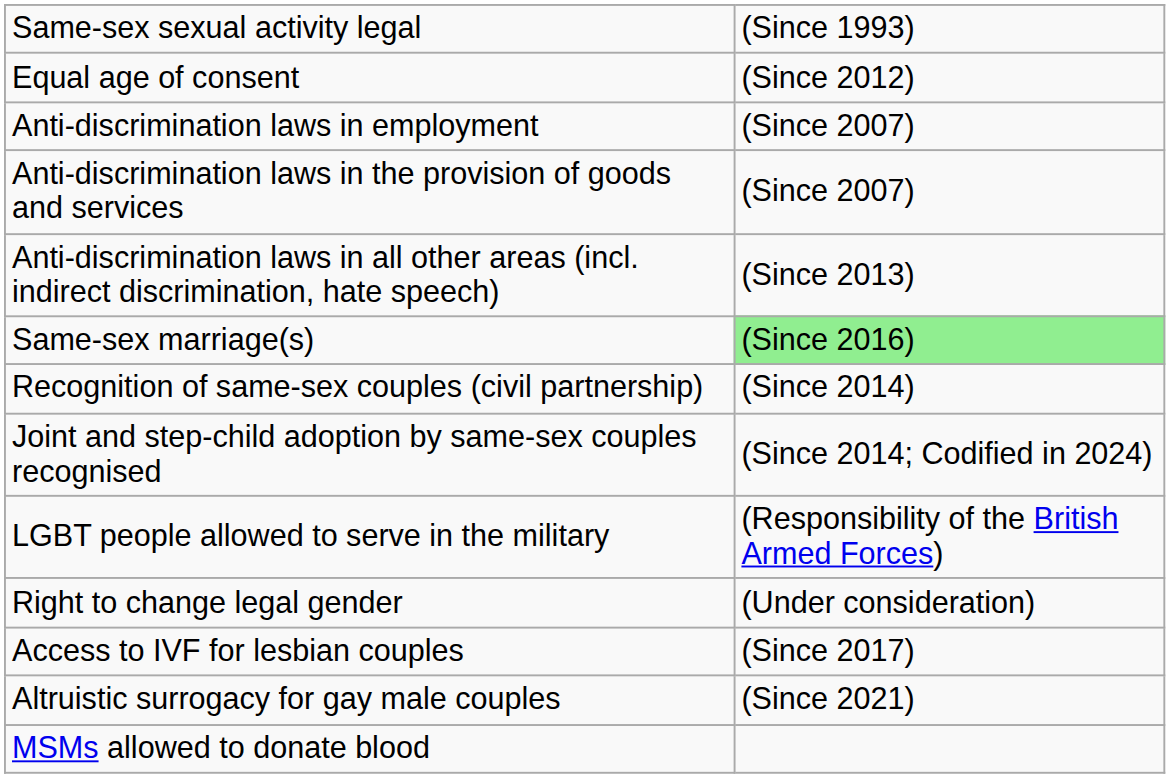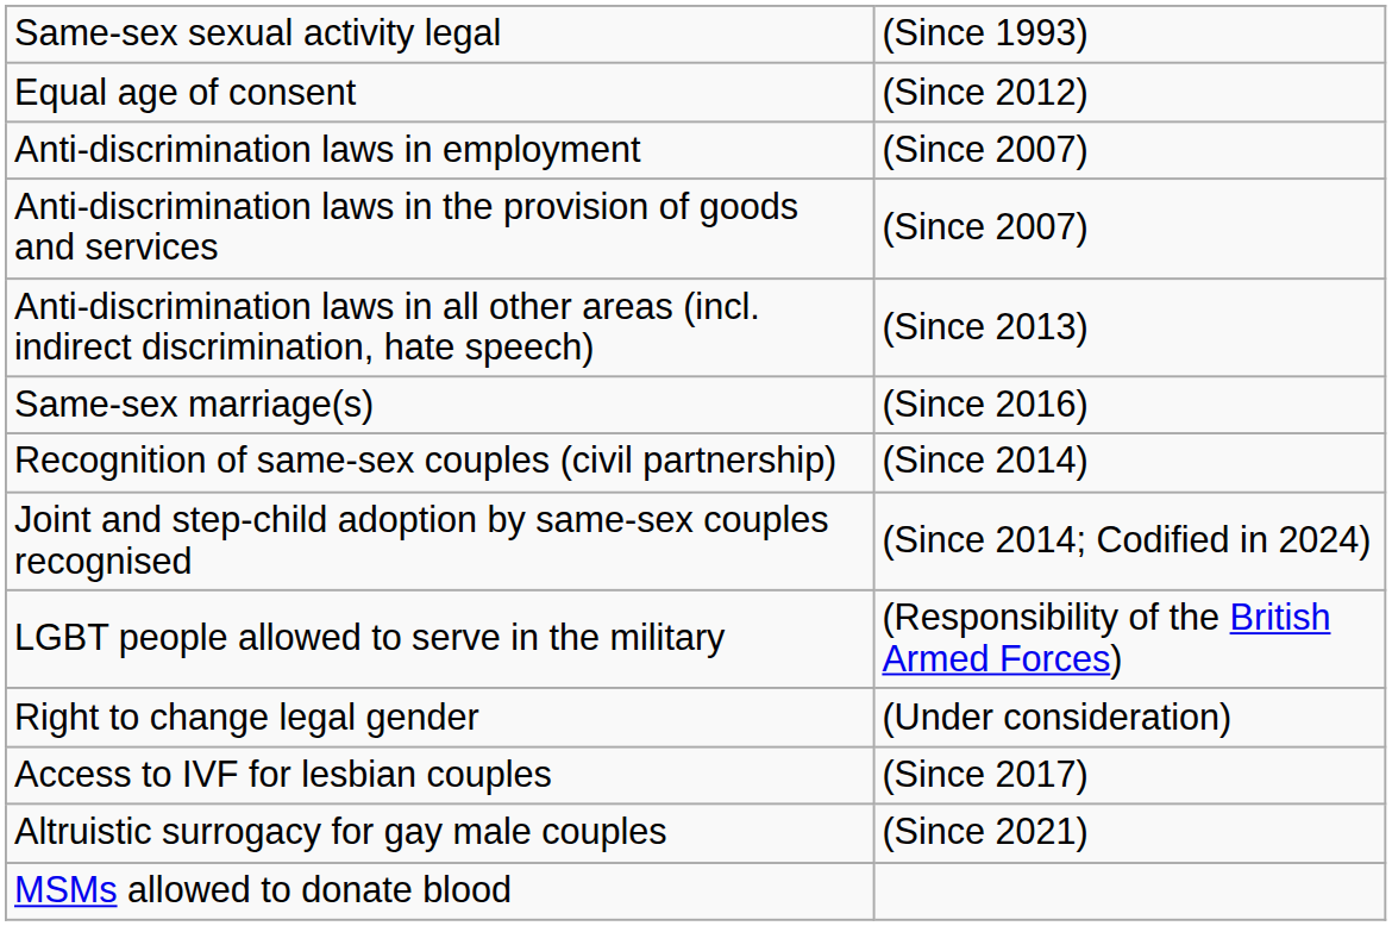 <table class="wikitable">
 <tr>
 <td>Same-sex sexual activity legal</td>
 <td> (Since 1993)</td>
 </tr>
 <tr>
 <td>Equal age of consent</td>
 <td> (Since 2012)</td>
 </tr>
 <tr>
 <td>Anti-discrimination laws in employment</td>
 <td> (Since 2007)</td>
 </tr>
 <tr>
 <td>Anti-discrimination laws in the provision of goods and services</td>
 <td> (Since 2007)</td>
 </tr>
 <tr>
 <td>Anti-discrimination laws in all other areas (incl. indirect discrimination, hate speech)</td>
 <td> (Since 2013)</td>
 </tr>
 <tr>
 <td>Same-sex marriage(s)</td>
-<td style="background: lightgreen;"> (Since 2016)</td>
+<td> (Since 2016)</td>
 </tr>
 <tr>
 <td>Recognition of same-sex couples (civil partnership)</td>
 <td> (Since 2014)</td>
 </tr>
 <tr>
 <td>Joint and step-child adoption by same-sex couples recognised</td>
 <td> (Since 2014; Codified in 2024)</td>
 </tr>
 <tr>
 <td>LGBT people allowed to serve in the military</td>
 <td> (Responsibility of the <a href='#'>British Armed Forces</a>)</td>
 </tr>
 <tr>
 <td>Right to change legal gender</td>
 <td> (Under consideration)</td>
 </tr>
 <tr>
 <td>Access to IVF for lesbian couples</td>
 <td> (Since 2017)</td>
 </tr>
 <tr>
 <td>Altruistic surrogacy for gay male couples</td>
 <td> (Since 2021)</td>
 </tr>
 <tr>
 <td><a href='#'>MSMs</a> allowed to donate blood</td>
 <td></td>
 </tr>
 </table>
